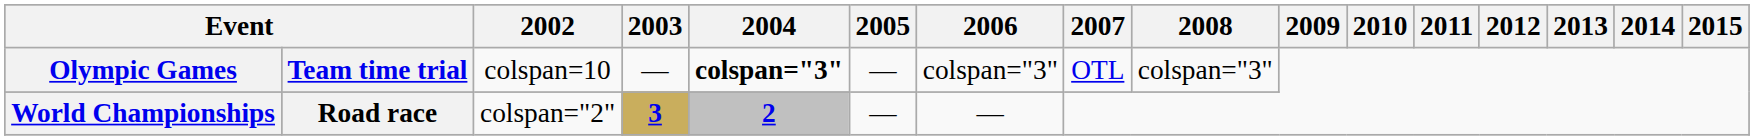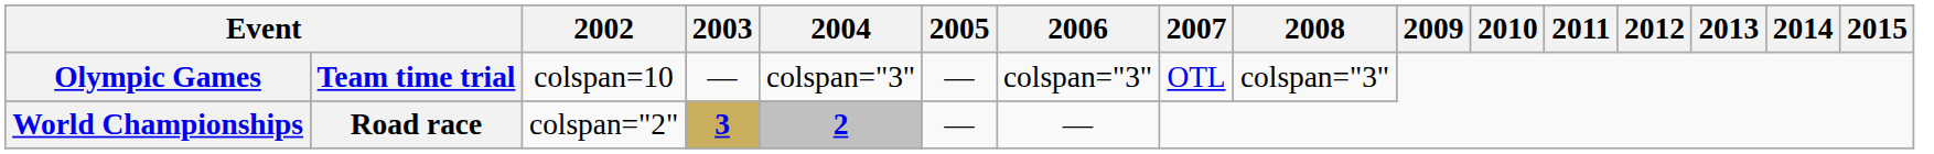 <table class="wikitable plainrowheaders">
 <tr>
 <th scope="col" colspan=2>Event</th>
 <th scope="col">2002</th>
 <th scope="col">2003</th>
 <th scope="col">2004</th>
 <th scope="col">2005</th>
 <th scope="col">2006</th>
 <th scope="col">2007</th>
 <th scope="col">2008</th>
 <th scope="col">2009</th>
 <th scope="col">2010</th>
 <th scope="col">2011</th>
 <th scope="col">2012</th>
 <th scope="col">2013</th>
 <th scope="col">2014</th>
 <th scope="col">2015</th>
 </tr>
 <tr style="text-align:center;">
 <th scope="row"> <a href='#'>Olympic Games</a></th>
 <th scope="row"><a href='#'>Team time trial</a></th>
 <td>colspan=10 </td>
 <td>—</td>
-<td><strong>colspan="3" </strong></td>
+<td>colspan="3" </td>
 <td>—</td>
 <td>colspan="3" </td>
 <td><a href='#'>OTL</a></td>
 <td>colspan="3" </td>
 </tr>
 <tr style="text-align:center;">
 <th scope="row" rowspan=1> <a href='#'>World Championships</a></th>
 <th scope="row">Road race</th>
 <td>colspan="2" </td>
 <th style="background:#C9AE5D;"><a href='#'>3</a></th>
 <th style="background:silver;"><a href='#'>2</a></th>
 <td>—</td>
 <td>—</td>
 </tr>
 </table>
